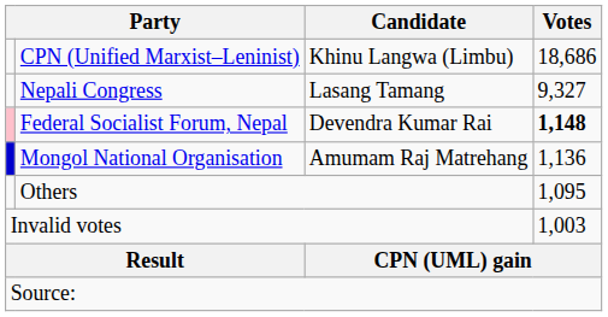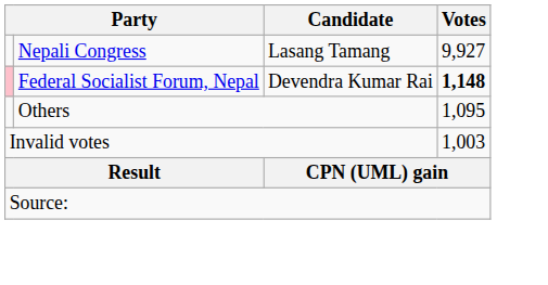 <table class="wikitable">
 <tr>
 <th colspan="2">Party</th>
 <th>Candidate</th>
 <th>Votes</th>
 </tr>
 <tr>
 <td style="background-color:"></td>
-<td><a href='#'>CPN (Unified Marxist–Leninist)</a></td>
-<td>Khinu Langwa (Limbu)</td>
-<td>18,686</td>
-</tr>
-<tr>
-<td style="background-color:"></td>
 <td><a href='#'>Nepali Congress</a></td>
 <td>Lasang Tamang</td>
-<td>9,327</td>
+<td>9,927</td>
 </tr>
 <tr>
 <td style="background-color:pink"></td>
 <td><a href='#'>Federal Socialist Forum, Nepal</a></td>
 <td>Devendra Kumar Rai</td>
 <td><strong>1,148</strong></td>
-</tr>
-<tr>
-<td style="background-color:mediumblue"></td>
-<td><a href='#'>Mongol National Organisation</a></td>
-<td>Amumam Raj Matrehang</td>
-<td>1,136</td>
 </tr>
 <tr>
 <td></td>
 <td colspan="2">Others</td>
 <td>1,095</td>
 </tr>
 <tr>
 <td colspan="3">Invalid votes</td>
 <td>1,003</td>
 </tr>
 <tr>
 <th colspan="2">Result</th>
 <th colspan="2">CPN (UML) gain</th>
 </tr>
 <tr>
 <td colspan="4">Source: </td>
 </tr>
 </table>
